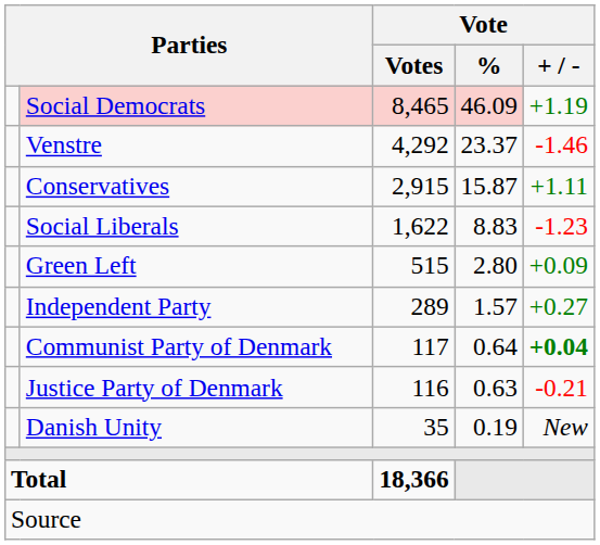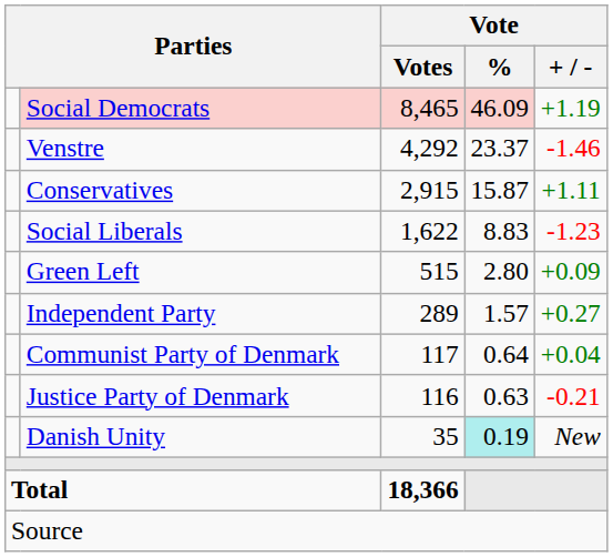 <table class="wikitable" style="text-align:right;">
 <tr>
 <th style="text-align:centre;" rowspan="2" colspan="2" width="225">Parties</th>
 <th colspan="3">Vote</th>
 </tr>
 <tr>
 <th width="15">Votes</th>
 <th width="15">%</th>
 <th width="15">+ / -</th>
 </tr>
 <tr>
 <td width="2" style="color:inherit;background:"></td>
 <td bgcolor=#fbd0ce  align="left"><a href='#'>Social Democrats</a></td>
 <td bgcolor=#fbd0ce>8,465</td>
 <td bgcolor=#fbd0ce>46.09</td>
 <td style=color:green;>+1.19</td>
 </tr>
 <tr>
 <td width="2" style="color:inherit;background:"></td>
 <td align="left"><a href='#'>Venstre</a></td>
 <td>4,292</td>
 <td>23.37</td>
 <td style=color:red;>-1.46</td>
 </tr>
 <tr>
 <td width="2" style="color:inherit;background:"></td>
 <td align="left"><a href='#'>Conservatives</a></td>
 <td>2,915</td>
 <td>15.87</td>
 <td style=color:green;>+1.11</td>
 </tr>
 <tr>
 <td width="2" style="color:inherit;background:"></td>
 <td align="left"><a href='#'>Social Liberals</a></td>
 <td>1,622</td>
 <td>8.83</td>
 <td style=color:red;>-1.23</td>
 </tr>
 <tr>
 <td width="2" style="color:inherit;background:"></td>
 <td align="left"><a href='#'>Green Left</a></td>
 <td>515</td>
 <td>2.80</td>
 <td style=color:green;>+0.09</td>
 </tr>
 <tr>
 <td width="2" style="color:inherit;background:"></td>
 <td align="left"><a href='#'>Independent Party</a></td>
 <td>289</td>
 <td>1.57</td>
 <td style=color:green;>+0.27</td>
 </tr>
 <tr>
 <td width="2" style="color:inherit;background:"></td>
 <td align="left"><a href='#'>Communist Party of Denmark</a></td>
 <td>117</td>
 <td>0.64</td>
-<td style=color:green;><strong>+0.04</strong></td>
+<td style=color:green;>+0.04</td>
 </tr>
 <tr>
 <td width="2" style="color:inherit;background:"></td>
 <td align="left"><a href='#'>Justice Party of Denmark</a></td>
 <td>116</td>
 <td>0.63</td>
 <td style=color:red;>-0.21</td>
 </tr>
 <tr>
 <td width="2" style="color:inherit;background:"></td>
 <td align="left"><a href='#'>Danish Unity</a></td>
 <td>35</td>
-<td>0.19</td>
+<td style="background: paleturquoise;">0.19</td>
 <td><em>New</em></td>
 </tr>
 <tr>
 <td colspan="7" bgcolor="#E9E9E9"></td>
 </tr>
 <tr>
 <td align="left" colspan="2"><strong>Total</strong></td>
 <td><strong>18,366</strong></td>
 <td bgcolor="#E9E9E9" colspan="2"></td>
 </tr>
 <tr>
 <td align="left" colspan="6">Source</td>
 </tr>
 </table>
